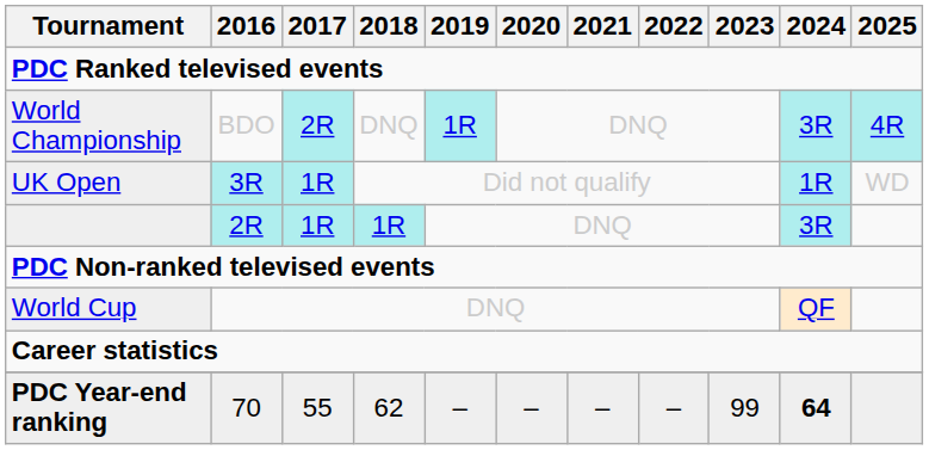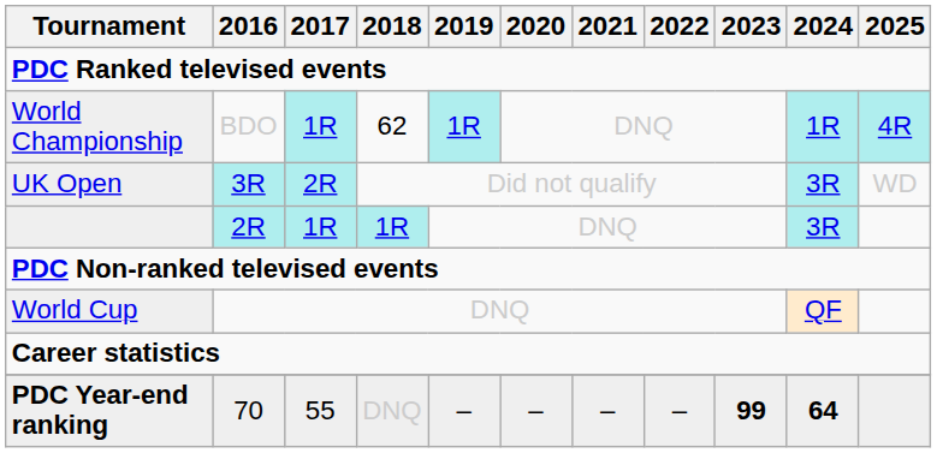 <table class="wikitable" style="width:35%; margin:0">
 <tr>
 <th>Tournament</th>
 <th>2016</th>
 <th>2017</th>
 <th>2018</th>
 <th>2019</th>
 <th>2020</th>
 <th>2021</th>
 <th>2022</th>
 <th>2023</th>
 <th>2024</th>
 <th>2025</th>
 </tr>
 <tr>
 <td colspan="16" style="text-align:left"><strong><a href='#'>PDC</a> Ranked televised events</strong></td>
 </tr>
 <tr>
 <td style="background:#efefef;"><a href='#'>World Championship</a></td>
 <td style="text-align:center; color:#ccc;">BDO</td>
-<td style="text-align:center; background:#afeeee;"><a href='#'>2R</a></td>
-<td style="text-align:center; color:#ccc;">DNQ</td>
+<td style="text-align:center; background:#afeeee;"><a href='#'>1R</a></td>
+<td style="text-align:center;">62</td>
 <td style="text-align:center; background:#afeeee;"><a href='#'>1R</a></td>
 <td colspan="4" style="text-align:center; color:#ccc;">DNQ</td>
-<td style="text-align:center; background:#afeeee;"><a href='#'>3R</a></td>
+<td style="text-align:center; background:#afeeee;"><a href='#'>1R</a></td>
 <td style="text-align:center; background:#afeeee;"><a href='#'>4R</a></td>
 </tr>
 <tr>
 <td style="background:#efefef;"><a href='#'>UK Open</a></td>
 <td style="text-align:center; background:#afeeee;"><a href='#'>3R</a></td>
-<td style="text-align:center; background:#afeeee;"><a href='#'>1R</a></td>
+<td style="text-align:center; background:#afeeee;"><a href='#'>2R</a></td>
 <td colspan="6" style="text-align:center; color:#ccc;">Did not qualify</td>
-<td style="text-align:center; background:#afeeee;"><a href='#'>1R</a></td>
+<td style="text-align:center; background:#afeeee;"><a href='#'>3R</a></td>
 <td style="text-align:center; color:#ccc;">WD</td>
 </tr>
 <tr>
 <td style="background:#efefef;"></td>
 <td style="text-align:center; background:#afeeee;"><a href='#'>2R</a></td>
 <td style="text-align:center; background:#afeeee;"><a href='#'>1R</a></td>
 <td style="text-align:center; background:#afeeee;"><a href='#'>1R</a></td>
 <td colspan="5" style="text-align:center; color:#ccc;">DNQ</td>
 <td style="text-align:center; background:#afeeee;"><a href='#'>3R</a></td>
 <td></td>
 </tr>
 <tr>
 <td colspan="16" style="text-align:left"><strong><a href='#'>PDC</a> Non-ranked televised events</strong></td>
 </tr>
 <tr>
 <td style="background:#efefef;"><a href='#'>World Cup</a></td>
 <td colspan="8" style="text-align:center; color:#ccc;">DNQ</td>
 <td style="text-align:center; background:#ffebcd;"><a href='#'>QF</a></td>
 <td></td>
 </tr>
 <tr>
 <td colspan="21" align="left"><strong>Career statistics</strong></td>
 </tr>
 <tr>
 </tr>
 <tr bgcolor="efefef">
 <td align="left"><strong>PDC Year-end ranking</strong></td>
 <td style="text-align:center;">70</td>
 <td style="text-align:center;">55</td>
-<td style="text-align:center;">62</td>
+<td style="text-align:center; color:#ccc;">DNQ</td>
 <td style="text-align:center;">–</td>
 <td style="text-align:center;">–</td>
 <td style="text-align:center;">–</td>
 <td style="text-align:center;">–</td>
-<td style="text-align:center;">99</td>
+<td style="text-align:center;"><strong>99</strong></td>
 <td style="text-align:center;"><strong>64</strong></td>
 <td></td>
 </tr>
 </table>
